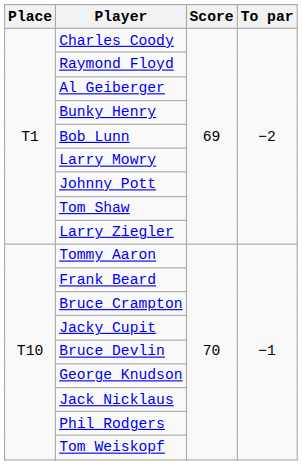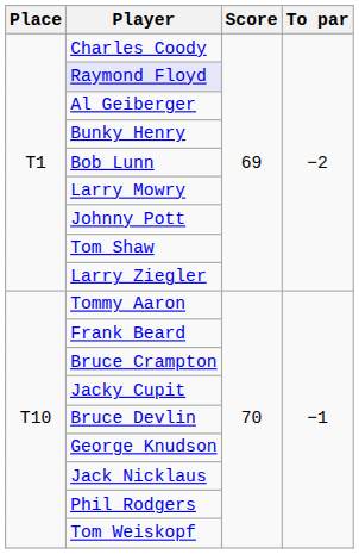 <table class=wikitable>
 <tr>
 <th>Place</th>
 <th>Player</th>
 <th>Score</th>
 <th>To par</th>
 </tr>
 <tr>
 <td rowspan=9 align=center>T1</td>
 <td> <a href='#'>Charles Coody</a></td>
 <td rowspan=9 align=center>69</td>
 <td rowspan=9 align=center>−2</td>
 </tr>
 <tr>
-<td> <a href='#'>Raymond Floyd</a></td>
+<td style="background: lavender;"> <a href='#'>Raymond Floyd</a></td>
 </tr>
 <tr>
 <td> <a href='#'>Al Geiberger</a></td>
 </tr>
 <tr>
 <td> <a href='#'>Bunky Henry</a></td>
 </tr>
 <tr>
 <td> <a href='#'>Bob Lunn</a></td>
 </tr>
 <tr>
 <td> <a href='#'>Larry Mowry</a></td>
 </tr>
 <tr>
 <td> <a href='#'>Johnny Pott</a></td>
 </tr>
 <tr>
 <td> <a href='#'>Tom Shaw</a></td>
 </tr>
 <tr>
 <td> <a href='#'>Larry Ziegler</a></td>
 </tr>
 <tr>
 <td rowspan=9 align=center>T10</td>
 <td> <a href='#'>Tommy Aaron</a></td>
 <td rowspan=9 align=center>70</td>
 <td rowspan=9 align=center>−1</td>
 </tr>
 <tr>
 <td> <a href='#'>Frank Beard</a></td>
 </tr>
 <tr>
 <td> <a href='#'>Bruce Crampton</a></td>
 </tr>
 <tr>
 <td> <a href='#'>Jacky Cupit</a></td>
 </tr>
 <tr>
 <td> <a href='#'>Bruce Devlin</a></td>
 </tr>
 <tr>
 <td> <a href='#'>George Knudson</a></td>
 </tr>
 <tr>
 <td> <a href='#'>Jack Nicklaus</a></td>
 </tr>
 <tr>
 <td> <a href='#'>Phil Rodgers</a></td>
 </tr>
 <tr>
 <td> <a href='#'>Tom Weiskopf</a></td>
 </tr>
 </table>
